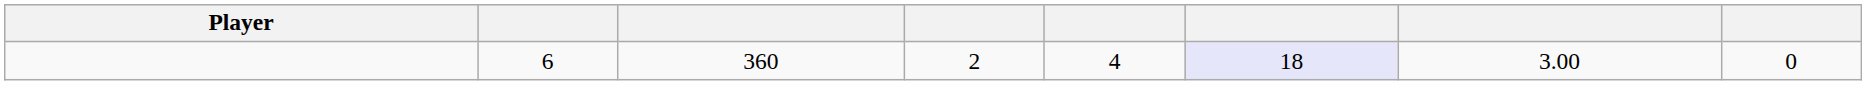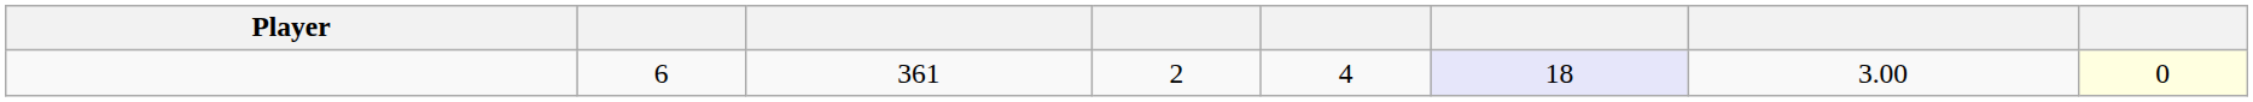 <table class="wikitable sortable" style="width:100%;">
 <tr style="text-align:center; background:#ddd;">
 <th>Player</th>
 <th></th>
 <th></th>
 <th></th>
 <th></th>
 <th></th>
 <th></th>
 <th></th>
 </tr>
 <tr align=center>
 <td></td>
 <td>6</td>
-<td>360</td>
+<td>361</td>
 <td>2</td>
 <td>4</td>
 <td style="background: lavender;">18</td>
 <td>3.00</td>
-<td>0</td>
+<td style="background: lightyellow;">0</td>
 </tr>
 </table>
